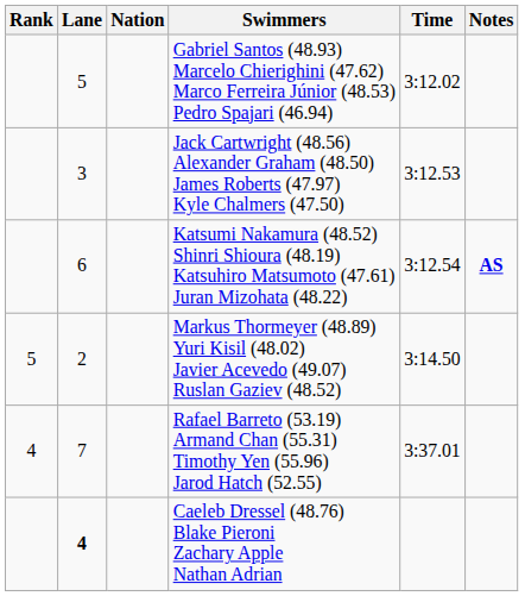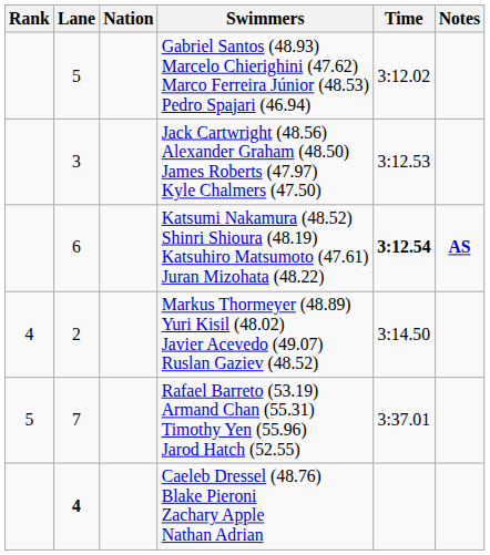 <table class="wikitable sortable" style="text-align:center">
 <tr>
 <th>Rank</th>
 <th>Lane</th>
 <th>Nation</th>
 <th>Swimmers</th>
 <th>Time</th>
 <th>Notes</th>
 </tr>
 <tr>
 <td></td>
 <td>5</td>
 <td align=left></td>
 <td align=left><a href='#'>Gabriel Santos</a> (48.93)<br><a href='#'>Marcelo Chierighini</a> (47.62)<br><a href='#'>Marco Ferreira Júnior</a> (48.53)<br><a href='#'>Pedro Spajari</a> (46.94)</td>
 <td>3:12.02</td>
 <td></td>
 </tr>
 <tr>
 <td></td>
 <td>3</td>
 <td align=left></td>
 <td align=left><a href='#'>Jack Cartwright</a> (48.56)<br><a href='#'>Alexander Graham</a> (48.50)<br><a href='#'>James Roberts</a> (47.97)<br><a href='#'>Kyle Chalmers</a> (47.50)</td>
 <td>3:12.53</td>
 <td></td>
 </tr>
 <tr>
 <td></td>
 <td>6</td>
 <td align=left></td>
 <td align=left><a href='#'>Katsumi Nakamura</a> (48.52)<br><a href='#'>Shinri Shioura</a> (48.19)<br><a href='#'>Katsuhiro Matsumoto</a> (47.61)<br><a href='#'>Juran Mizohata</a> (48.22)</td>
-<td>3:12.54</td>
+<td><strong>3:12.54</strong></td>
 <td><strong><a href='#'>AS</a></strong></td>
 </tr>
 <tr>
-<td>5</td>
+<td>4</td>
 <td>2</td>
 <td align=left></td>
 <td align=left><a href='#'>Markus Thormeyer</a> (48.89)<br><a href='#'>Yuri Kisil</a> (48.02)<br><a href='#'>Javier Acevedo</a> (49.07)<br><a href='#'>Ruslan Gaziev</a> (48.52)</td>
 <td>3:14.50</td>
 <td></td>
 </tr>
 <tr>
-<td>4</td>
+<td>5</td>
 <td>7</td>
 <td align=left></td>
 <td align=left><a href='#'>Rafael Barreto</a> (53.19)<br><a href='#'>Armand Chan</a> (55.31)<br><a href='#'>Timothy Yen</a> (55.96)<br><a href='#'>Jarod Hatch</a> (52.55)</td>
 <td>3:37.01</td>
 <td></td>
 </tr>
 <tr>
 <td></td>
 <td><strong>4</strong></td>
 <td align=left></td>
 <td align=left><a href='#'>Caeleb Dressel</a> (48.76)<br><a href='#'>Blake Pieroni</a><br><a href='#'>Zachary Apple</a><br><a href='#'>Nathan Adrian</a></td>
 <td></td>
 <td></td>
 </tr>
 </table>
